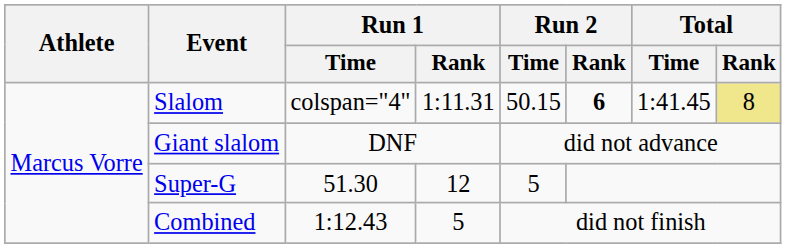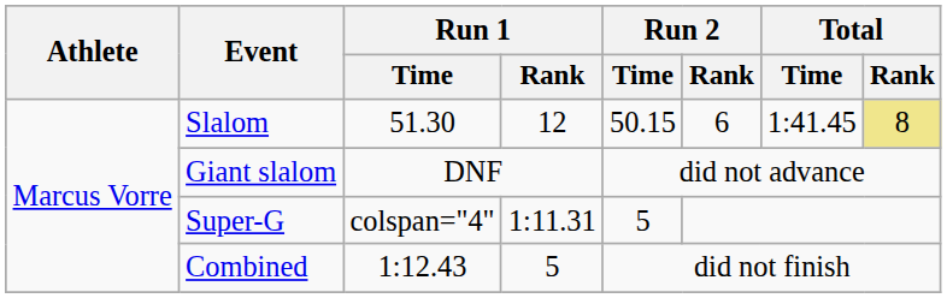 <table class="wikitable" style="font-size:90%">
 <tr>
 <th rowspan=2>Athlete</th>
 <th rowspan=2>Event</th>
 <th colspan=2>Run 1</th>
 <th colspan=2>Run 2</th>
 <th colspan=2>Total</th>
 </tr>
 <tr style="font-size:95%">
 <th>Time</th>
 <th>Rank</th>
 <th>Time</th>
 <th>Rank</th>
 <th>Time</th>
 <th>Rank</th>
 </tr>
 <tr align=center>
 <td align="left" rowspan="4"><a href='#'>Marcus Vorre</a></td>
 <td align="left"><a href='#'>Slalom</a></td>
-<td>colspan="4" </td>
-<td>1:11.31</td>
+<td>51.30</td>
+<td>12</td>
 <td>50.15</td>
-<td><strong>6</strong></td>
+<td>6</td>
 <td>1:41.45</td>
 <td style="background: khaki;">8</td>
 </tr>
 <tr align=center>
 <td align="left"><a href='#'>Giant slalom</a></td>
 <td colspan=2>DNF</td>
 <td colspan=4>did not advance</td>
 </tr>
 <tr align=center>
 <td align="left"><a href='#'>Super-G</a></td>
-<td>51.30</td>
-<td>12</td>
+<td>colspan="4" </td>
+<td>1:11.31</td>
 <td>5</td>
 </tr>
 <tr align=center>
 <td align="left"><a href='#'>Combined</a></td>
 <td>1:12.43</td>
 <td>5</td>
 <td colspan=4>did not finish</td>
 </tr>
 </table>
